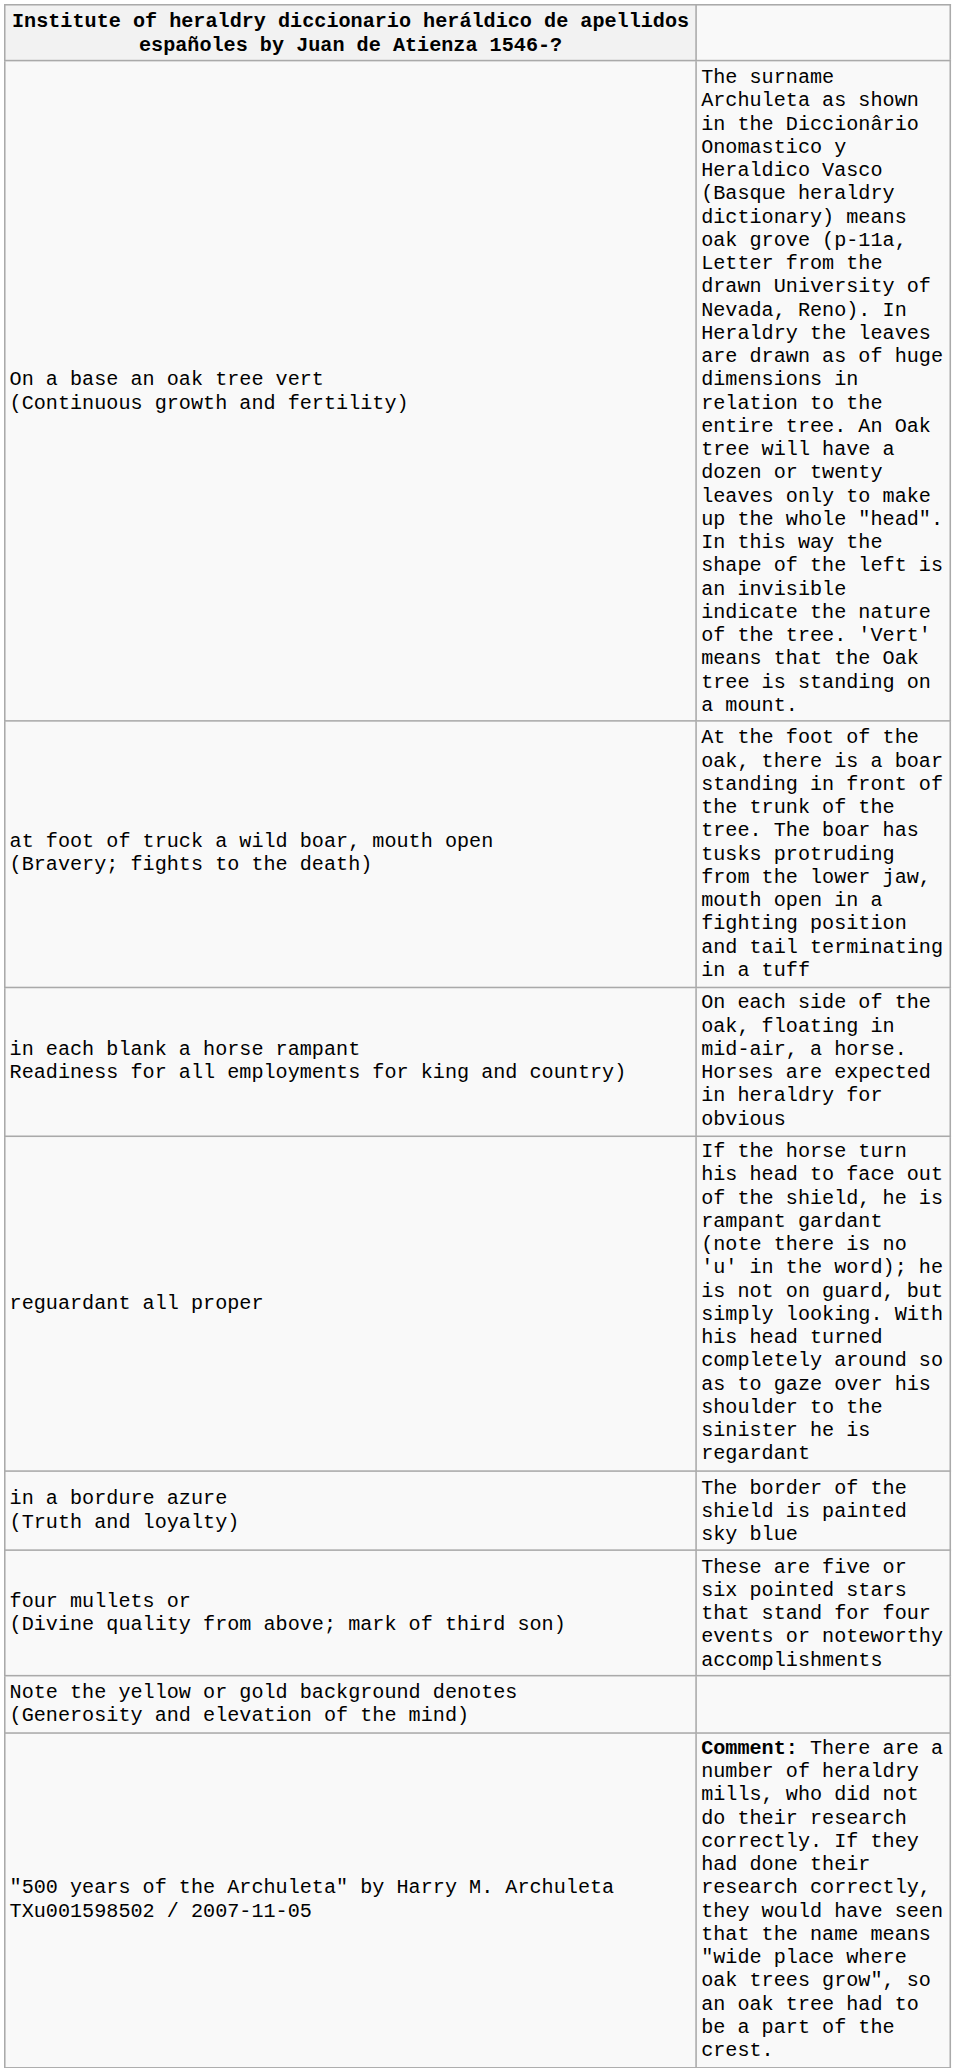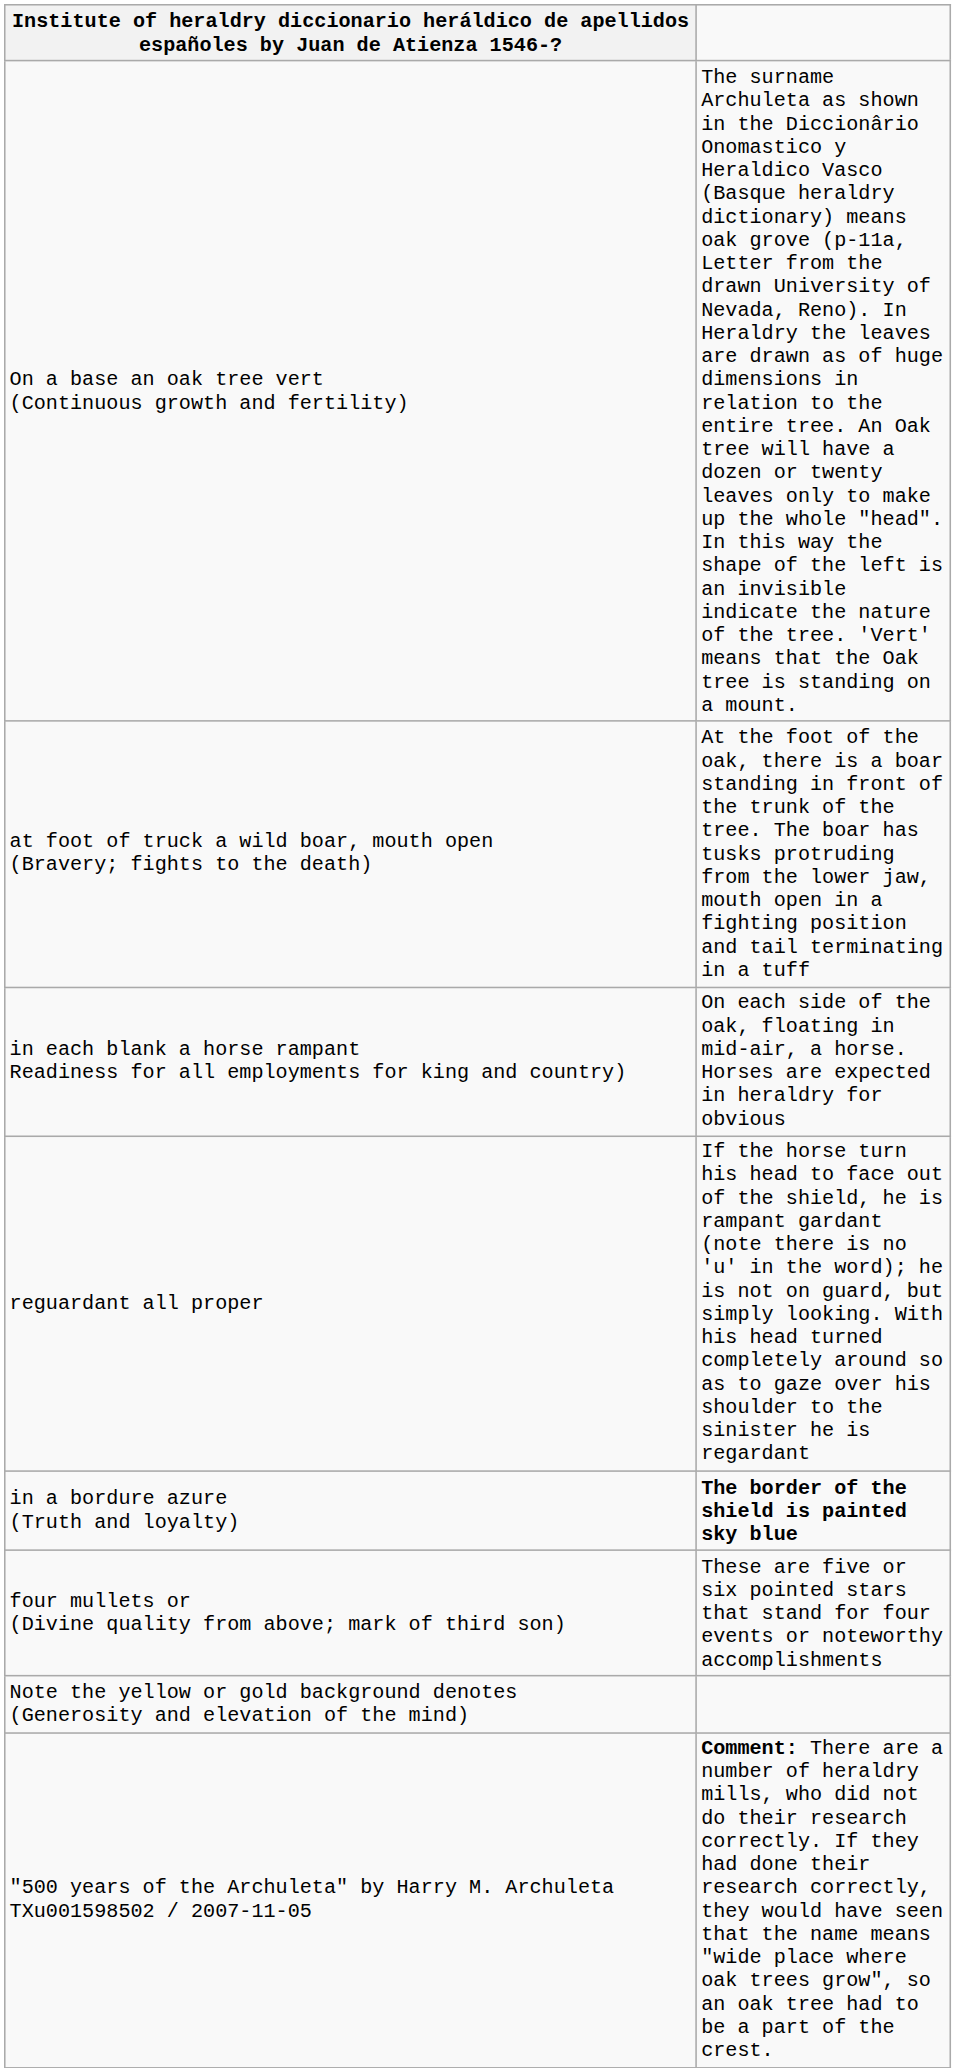 <table class="wikitable">
 <tr>
 <th width="440">Institute of heraldry diccionario heráldico de apellidos españoles by Juan de Atienza 1546-?</th>
 </tr>
 <tr>
 <td>On a base an oak tree vert<br>(Continuous growth and fertility)</td>
 <td>The surname Archuleta as shown in the Diccionârio Onomastico y Heraldico Vasco (Basque heraldry dictionary) means oak grove (p-11a, Letter from the drawn University of Nevada, Reno). In Heraldry the leaves are drawn as of huge dimensions in relation to the entire tree. An Oak tree will have a dozen or twenty leaves only to make up the whole "head". In this way the shape of the left is an invisible indicate the nature of the tree. 'Vert' means that the Oak tree is standing on a mount.</td>
 </tr>
 <tr>
 <td>at foot of truck a wild boar, mouth open<br>(Bravery; fights to the death)</td>
 <td>At the foot of the oak, there is a boar standing in front of the trunk of the tree. The boar has tusks protruding from the lower jaw, mouth open in a fighting position and tail terminating in a tuff</td>
 </tr>
 <tr>
 <td>in each blank a horse rampant<br>Readiness for all employments for king and country)</td>
 <td>On each side of the oak, floating in mid-air, a horse. Horses are expected in heraldry for obvious</td>
 </tr>
 <tr>
 <td>reguardant all proper</td>
 <td>If the horse turn his head to face out of the shield, he is rampant gardant (note there is no 'u' in the word); he is not on guard, but simply looking. With his head turned completely around so as to gaze over his shoulder to the sinister he is regardant</td>
 </tr>
 <tr>
 <td>in a bordure azure<br>(Truth and loyalty)</td>
-<td>The border of the shield is painted sky blue</td>
+<td><strong>The border of the shield is painted sky blue</strong></td>
 </tr>
 <tr>
 <td>four mullets or<br>(Divine quality from above; mark of third son)</td>
 <td>These are five or six pointed stars that stand for four events or noteworthy accomplishments</td>
 </tr>
 <tr>
 <td>Note the yellow or gold background denotes<br>(Generosity and elevation of the mind)</td>
 </tr>
 <tr>
 <td>"500 years of the Archuleta" by Harry M. Archuleta TXu001598502 / 2007-11-05</td>
 <td><strong>Comment:</strong> There are a number of heraldry mills, who did not do their research correctly. If they had done their research correctly, they would have seen that the name means "wide place where oak trees grow", so an oak tree had to be a part of the crest.</td>
 </tr>
 </table>
